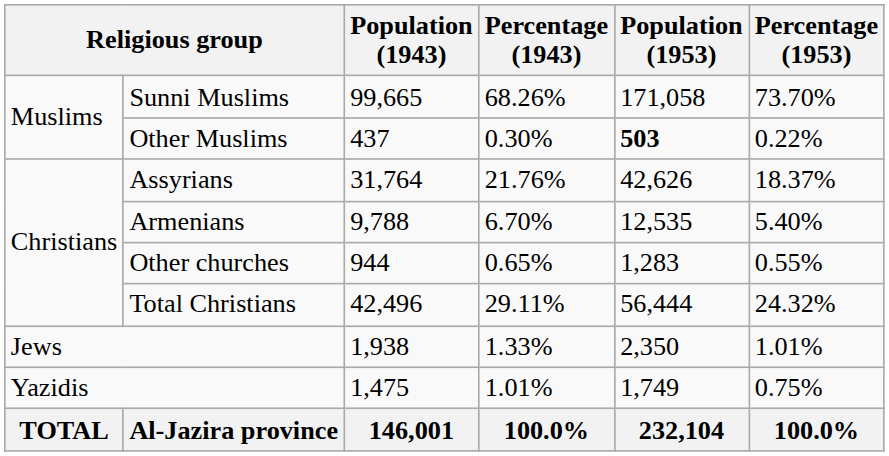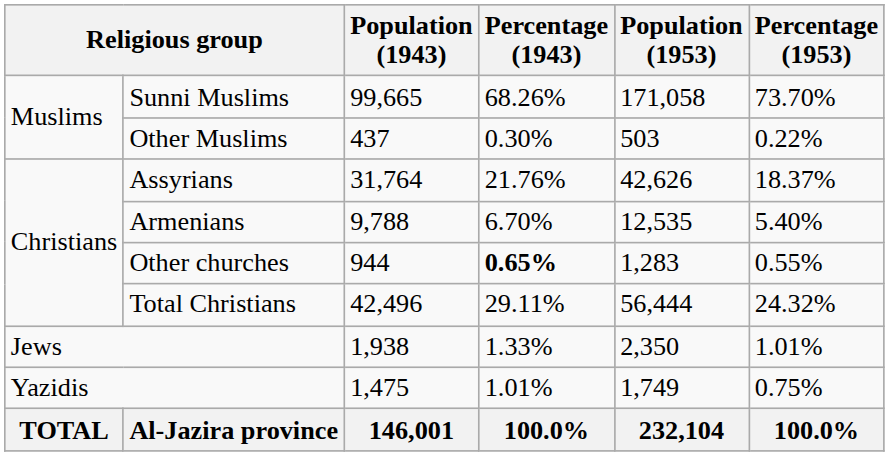 <table class="wikitable">
 <tr>
 <th colspan="2">Religious group</th>
 <th>Population<br>(1943)</th>
 <th>Percentage<br>(1943)</th>
 <th>Population<br>(1953)</th>
 <th>Percentage<br>(1953)</th>
 </tr>
 <tr>
 <td rowspan="2">Muslims</td>
 <td>Sunni Muslims</td>
 <td>99,665</td>
 <td>68.26%</td>
 <td>171,058</td>
 <td>73.70%</td>
 </tr>
 <tr>
 <td>Other Muslims</td>
 <td>437</td>
 <td>0.30%</td>
-<td><strong>503</strong></td>
+<td>503</td>
 <td>0.22%</td>
 </tr>
 <tr>
 <td rowspan="4">Christians</td>
 <td>Assyrians</td>
 <td>31,764</td>
 <td>21.76%</td>
 <td>42,626</td>
 <td>18.37%</td>
 </tr>
 <tr>
 <td>Armenians</td>
 <td>9,788</td>
 <td>6.70%</td>
 <td>12,535</td>
 <td>5.40%</td>
 </tr>
 <tr>
 <td>Other churches</td>
 <td>944</td>
-<td>0.65%</td>
+<td><strong>0.65%</strong></td>
 <td>1,283</td>
 <td>0.55%</td>
 </tr>
 <tr>
 <td>Total Christians</td>
 <td>42,496</td>
 <td>29.11%</td>
 <td>56,444</td>
 <td>24.32%</td>
 </tr>
 <tr>
 <td colspan="2">Jews</td>
 <td>1,938</td>
 <td>1.33%</td>
 <td>2,350</td>
 <td>1.01%</td>
 </tr>
 <tr>
 <td colspan="2">Yazidis</td>
 <td>1,475</td>
 <td>1.01%</td>
 <td>1,749</td>
 <td>0.75%</td>
 </tr>
 <tr>
 <th>TOTAL</th>
 <th>Al-Jazira province</th>
 <th>146,001</th>
 <th>100.0%</th>
 <th>232,104</th>
 <th>100.0%</th>
 </tr>
 </table>
